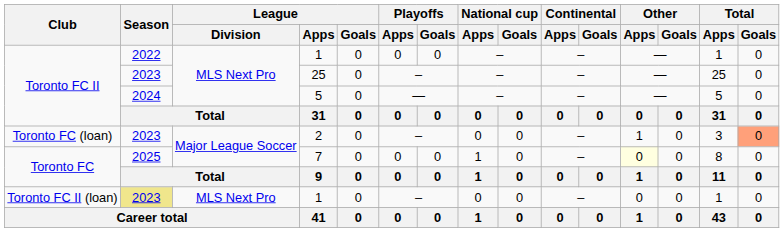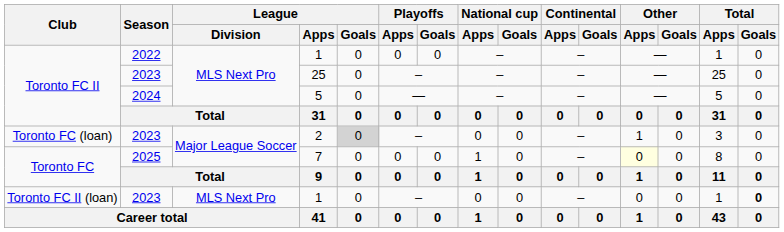 <table class="wikitable" style="text-align: center">
 <tr>
 <th rowspan="2">Club</th>
 <th rowspan="2">Season</th>
 <th colspan="3">League</th>
 <th colspan="2">Playoffs</th>
 <th colspan="2">National cup</th>
 <th colspan="2">Continental</th>
 <th colspan="2">Other</th>
 <th colspan="2">Total</th>
 </tr>
 <tr>
 <th>Division</th>
 <th>Apps</th>
 <th>Goals</th>
 <th>Apps</th>
 <th>Goals</th>
 <th>Apps</th>
 <th>Goals</th>
 <th>Apps</th>
 <th>Goals</th>
 <th>Apps</th>
 <th>Goals</th>
 <th>Apps</th>
 <th>Goals</th>
 </tr>
 <tr>
 <td rowspan="4"><a href='#'>Toronto FC II</a></td>
 <td><a href='#'>2022</a></td>
 <td rowspan="3"><a href='#'>MLS Next Pro</a></td>
 <td>1</td>
 <td>0</td>
 <td>0</td>
 <td>0</td>
 <td colspan="2">–</td>
 <td colspan="2">–</td>
 <td colspan="2">—</td>
 <td>1</td>
 <td>0</td>
 </tr>
 <tr>
 <td><a href='#'>2023</a></td>
 <td>25</td>
 <td>0</td>
 <td colspan="2">–</td>
 <td colspan="2">–</td>
 <td colspan="2">–</td>
 <td colspan="2">—</td>
 <td>25</td>
 <td>0</td>
 </tr>
 <tr>
 <td><a href='#'>2024</a></td>
 <td>5</td>
 <td>0</td>
 <td colspan="2">—</td>
 <td colspan="2">–</td>
 <td colspan="2">–</td>
 <td colspan="2">—</td>
 <td>5</td>
 <td>0</td>
 </tr>
 <tr>
 <th colspan="2">Total</th>
 <th>31</th>
 <th>0</th>
 <th>0</th>
 <th>0</th>
 <th>0</th>
 <th>0</th>
 <th>0</th>
 <th>0</th>
 <th>0</th>
 <th>0</th>
 <th>31</th>
 <th>0</th>
 </tr>
 <tr>
 <td><a href='#'>Toronto FC</a> (loan)</td>
 <td><a href='#'>2023</a></td>
 <td rowspan="2"><a href='#'>Major League Soccer</a></td>
 <td>2</td>
-<td>0</td>
+<td style="background: lightgrey;">0</td>
 <td colspan="2">–</td>
 <td>0</td>
 <td>0</td>
 <td colspan="2">–</td>
 <td>1</td>
 <td>0</td>
 <td>3</td>
-<td style="background: lightsalmon;">0</td>
+<td>0</td>
 </tr>
 <tr>
 <td rowspan="2"><a href='#'>Toronto FC</a></td>
 <td><a href='#'>2025</a></td>
 <td>7</td>
 <td>0</td>
 <td>0</td>
 <td>0</td>
 <td>1</td>
 <td>0</td>
 <td colspan="2">–</td>
 <td style="background: lightyellow;">0</td>
 <td>0</td>
 <td>8</td>
 <td>0</td>
 </tr>
 <tr>
 <th colspan="2">Total</th>
 <th>9</th>
 <th>0</th>
 <th>0</th>
 <th>0</th>
 <th>1</th>
 <th>0</th>
 <th>0</th>
 <th>0</th>
 <th>1</th>
 <th>0</th>
 <th>11</th>
 <th>0</th>
 </tr>
 <tr>
 <td><a href='#'>Toronto FC II</a> (loan)</td>
-<td style="background: khaki;"><a href='#'>2023</a></td>
+<td><a href='#'>2023</a></td>
 <td><a href='#'>MLS Next Pro</a></td>
 <td>1</td>
 <td>0</td>
 <td colspan="2">–</td>
 <td>0</td>
 <td>0</td>
 <td colspan="2">–</td>
 <td>0</td>
 <td>0</td>
 <td>1</td>
-<td>0</td>
+<td><strong>0</strong></td>
 </tr>
 <tr>
 <th colspan="3">Career total</th>
 <th>41</th>
 <th>0</th>
 <th>0</th>
 <th>0</th>
 <th>1</th>
 <th>0</th>
 <th>0</th>
 <th>0</th>
 <th>1</th>
 <th>0</th>
 <th>43</th>
 <th>0</th>
 </tr>
 </table>
